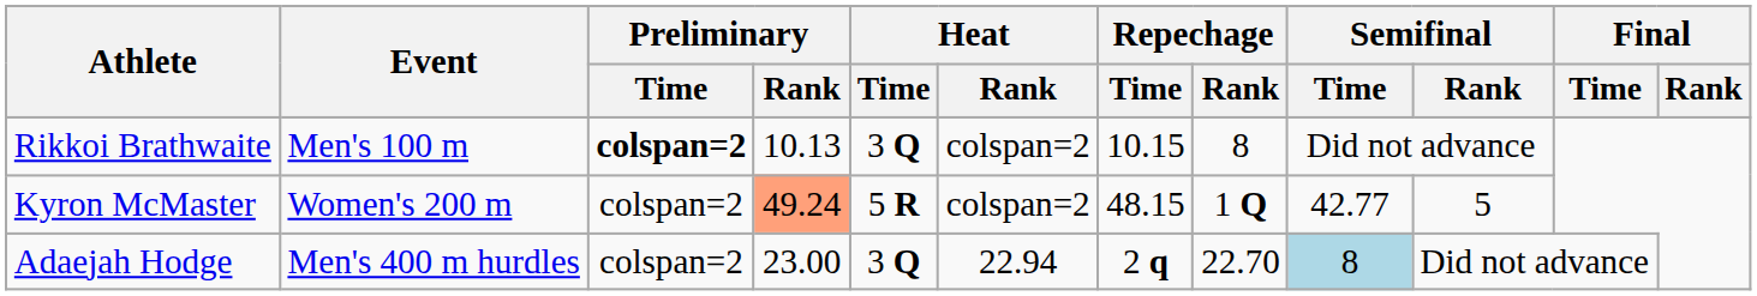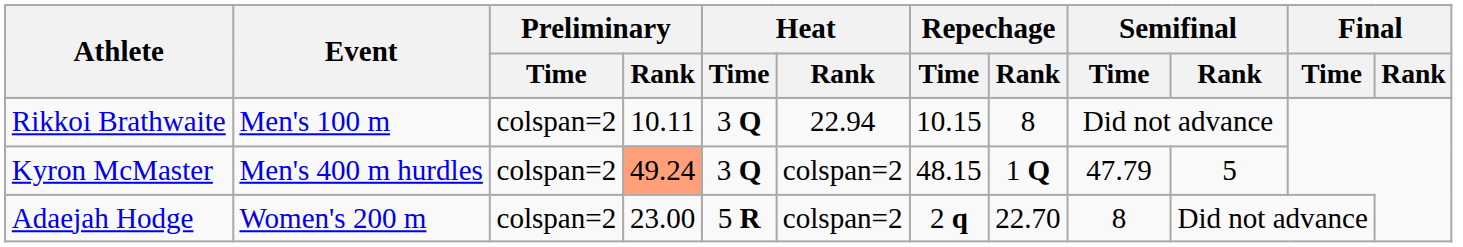 <table class="wikitable" style="font-size:90%">
 <tr>
 <th rowspan=2>Athlete</th>
 <th rowspan=2>Event</th>
 <th colspan=2>Preliminary</th>
 <th colspan=2>Heat</th>
 <th colspan=2>Repechage</th>
 <th colspan=2>Semifinal</th>
 <th colspan=2>Final</th>
 </tr>
 <tr style=font-size:95%>
 <th>Time</th>
 <th>Rank</th>
 <th>Time</th>
 <th>Rank</th>
 <th>Time</th>
 <th>Rank</th>
 <th>Time</th>
 <th>Rank</th>
 <th>Time</th>
 <th>Rank</th>
 </tr>
 <tr align=center>
 <td align=left><a href='#'>Rikkoi Brathwaite</a></td>
 <td align=left><a href='#'>Men's 100 m</a></td>
-<td><strong>colspan=2 </strong></td>
-<td>10.13</td>
+<td>colspan=2 </td>
+<td>10.11</td>
 <td>3 <strong>Q</strong></td>
-<td>colspan=2 </td>
+<td>22.94</td>
 <td>10.15</td>
 <td>8</td>
 <td Colspan=2>Did not advance</td>
 </tr>
 <tr align=center>
 <td align=left><a href='#'>Kyron McMaster</a></td>
-<td align=left><a href='#'>Women's 200 m</a></td>
+<td align=left><a href='#'>Men's 400 m hurdles</a></td>
 <td>colspan=2 </td>
 <td style="background: lightsalmon;">49.24</td>
-<td>5 <strong>R</strong></td>
+<td>3 <strong>Q</strong></td>
 <td>colspan=2 </td>
 <td>48.15</td>
 <td>1 <strong>Q</strong></td>
-<td>42.77 </td>
+<td>47.79 </td>
 <td>5</td>
 </tr>
 <tr align=center>
 <td align=left><a href='#'>Adaejah Hodge</a></td>
-<td align=left><a href='#'>Men's 400 m hurdles</a></td>
+<td align=left><a href='#'>Women's 200 m</a></td>
 <td>colspan=2 </td>
 <td>23.00</td>
-<td>3 <strong>Q</strong></td>
-<td>22.94</td>
+<td>5 <strong>R</strong></td>
+<td>colspan=2 </td>
 <td>2 <strong>q</strong></td>
 <td>22.70</td>
-<td style="background: lightblue;">8</td>
+<td>8</td>
 <td colspan=2>Did not advance</td>
 </tr>
 </table>
